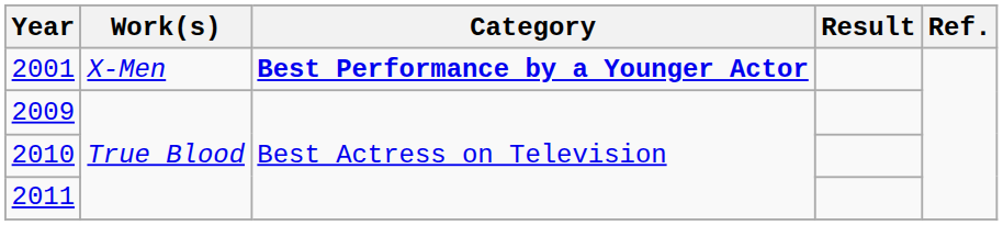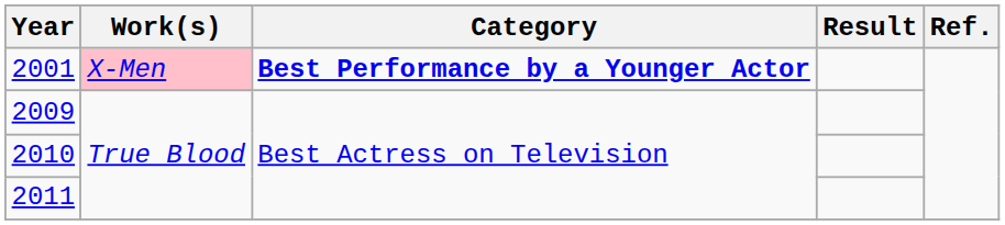 <table class=wikitable>
 <tr>
 <th scope="col">Year</th>
 <th scope="col">Work(s)</th>
 <th scope="col">Category</th>
 <th scope="col">Result</th>
 <th scope="col">Ref.</th>
 </tr>
 <tr>
 <td><a href='#'>2001</a></td>
-<td><em><a href='#'>X-Men</a></em></td>
+<td style="background: pink;"><em><a href='#'>X-Men</a></em></td>
 <td><strong><a href='#'>Best Performance by a Younger Actor</a></strong></td>
 <td></td>
 <td rowspan="4"></td>
 </tr>
 <tr>
 <td><a href='#'>2009</a></td>
 <td rowspan="3"><em><a href='#'>True Blood</a></em></td>
 <td rowspan="3"><a href='#'>Best Actress on Television</a></td>
 <td></td>
 </tr>
 <tr>
 <td><a href='#'>2010</a></td>
 <td></td>
 </tr>
 <tr>
 <td><a href='#'>2011</a></td>
 <td></td>
 </tr>
 </table>
